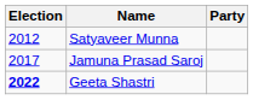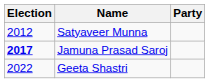 <table class="wikitable sortable">
 <tr>
 <th>Election</th>
 <th>Name</th>
 <th colspan=2>Party</th>
 </tr>
 <tr>
 <td><a href='#'>2012</a></td>
 <td><a href='#'>Satyaveer Munna</a></td>
 <td></td>
 </tr>
 <tr>
-<td><a href='#'>2017</a></td>
+<td><strong><a href='#'>2017</a></strong></td>
 <td><a href='#'>Jamuna Prasad Saroj</a></td>
 <td></td>
 </tr>
 <tr>
-<td><strong><a href='#'>2022</a></strong></td>
+<td><a href='#'>2022</a></td>
 <td><a href='#'>Geeta Shastri</a></td>
 <td></td>
 </tr>
 </table>
